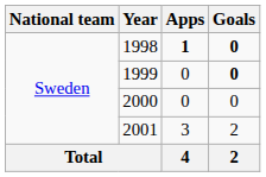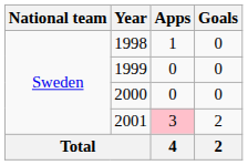 <table class="wikitable" style="text-align:center">
 <tr>
 <th>National team</th>
 <th>Year</th>
 <th>Apps</th>
 <th>Goals</th>
 </tr>
 <tr>
 <td rowspan="4"><a href='#'>Sweden</a></td>
 <td>1998</td>
-<td><strong>1</strong></td>
-<td><strong>0</strong></td>
+<td>1</td>
+<td>0</td>
 </tr>
 <tr>
 <td>1999</td>
 <td>0</td>
-<td><strong>0</strong></td>
+<td>0</td>
 </tr>
 <tr>
 <td>2000</td>
 <td>0</td>
 <td>0</td>
 </tr>
 <tr>
 <td>2001</td>
-<td>3</td>
+<td style="background: pink;">3</td>
 <td>2</td>
 </tr>
 <tr>
 <th colspan="2">Total</th>
 <th>4</th>
 <th>2</th>
 </tr>
 </table>
